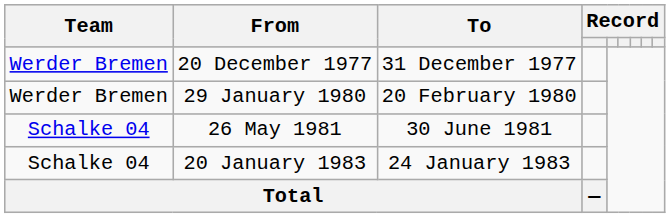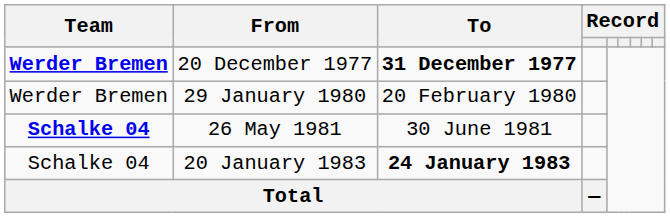 <table class="wikitable" style="text-align: center">
 <tr>
 <th rowspan="2">Team</th>
 <th rowspan="2">From</th>
 <th rowspan="2">To</th>
 <th colspan="6">Record</th>
 </tr>
 <tr>
 <th></th>
 <th></th>
 <th></th>
 <th></th>
 <th></th>
 <th></th>
 </tr>
 <tr>
-<td><a href='#'>Werder Bremen</a></td>
+<td><strong><a href='#'>Werder Bremen</a></strong></td>
 <td>20 December 1977</td>
-<td>31 December 1977<br></td>
+<td><strong>31 December 1977<br></strong></td>
 <td></td>
 </tr>
 <tr>
 <td>Werder Bremen</td>
 <td>29 January 1980</td>
 <td>20 February 1980<br></td>
 <td></td>
 </tr>
 <tr>
-<td><a href='#'>Schalke 04</a></td>
+<td><strong><a href='#'>Schalke 04</a></strong></td>
 <td>26 May 1981</td>
 <td>30 June 1981<br></td>
 <td></td>
 </tr>
 <tr>
 <td>Schalke 04</td>
 <td>20 January 1983</td>
-<td>24 January 1983<br></td>
+<td><strong>24 January 1983<br></strong></td>
 <td></td>
 </tr>
 <tr>
 <th colspan="3">Total<br></th>
 <th>—</th>
 </tr>
 </table>
